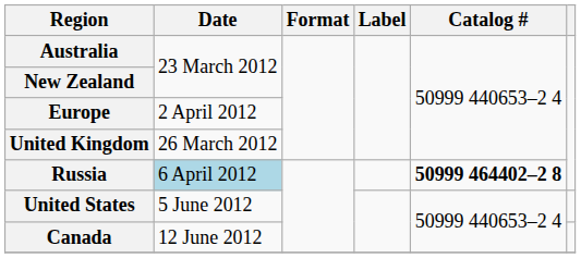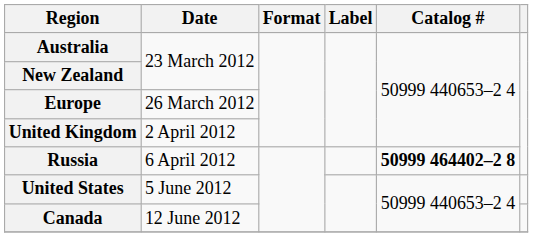 <table class="wikitable plainrowheaders">
 <tr>
 <th scope="col">Region</th>
 <th scope="col">Date</th>
 <th scope="col">Format</th>
 <th scope="col">Label</th>
 <th scope="col">Catalog #</th>
 <th scope="col"></th>
 </tr>
 <tr>
 <th scope="row">Australia</th>
 <td rowspan="2">23 March 2012</td>
 <td rowspan="4"></td>
 <td rowspan="4"></td>
 <td rowspan="4" style="text-align:center;">50999 440653–2 4</td>
 <td rowspan="5" style="text-align:center;"></td>
 </tr>
 <tr>
 <th scope="row">New Zealand</th>
 </tr>
 <tr>
 <th scope="row">Europe</th>
+<td>26 March 2012</td>
+</tr>
+<tr>
+<th scope="row">United Kingdom</th>
 <td>2 April 2012</td>
 </tr>
 <tr>
-<th scope="row">United Kingdom</th>
-<td>26 March 2012</td>
-</tr>
-<tr>
 <th scope="row">Russia</th>
-<td style="background: lightblue;">6 April 2012</td>
+<td>6 April 2012</td>
 <td rowspan="3"></td>
 <td></td>
 <td style="text-align:center;"><strong>50999 464402–2 8</strong></td>
 </tr>
 <tr>
 <th scope="row">United States</th>
 <td>5 June 2012</td>
 <td rowspan="2"></td>
 <td rowspan="2" style="text-align:center;">50999 440653–2 4</td>
 <td style="text-align:center;"></td>
 </tr>
 <tr>
 <th scope="row">Canada</th>
 <td>12 June 2012</td>
 <td style="text-align:center;"></td>
 </tr>
 <tr>
 </tr>
 </table>
